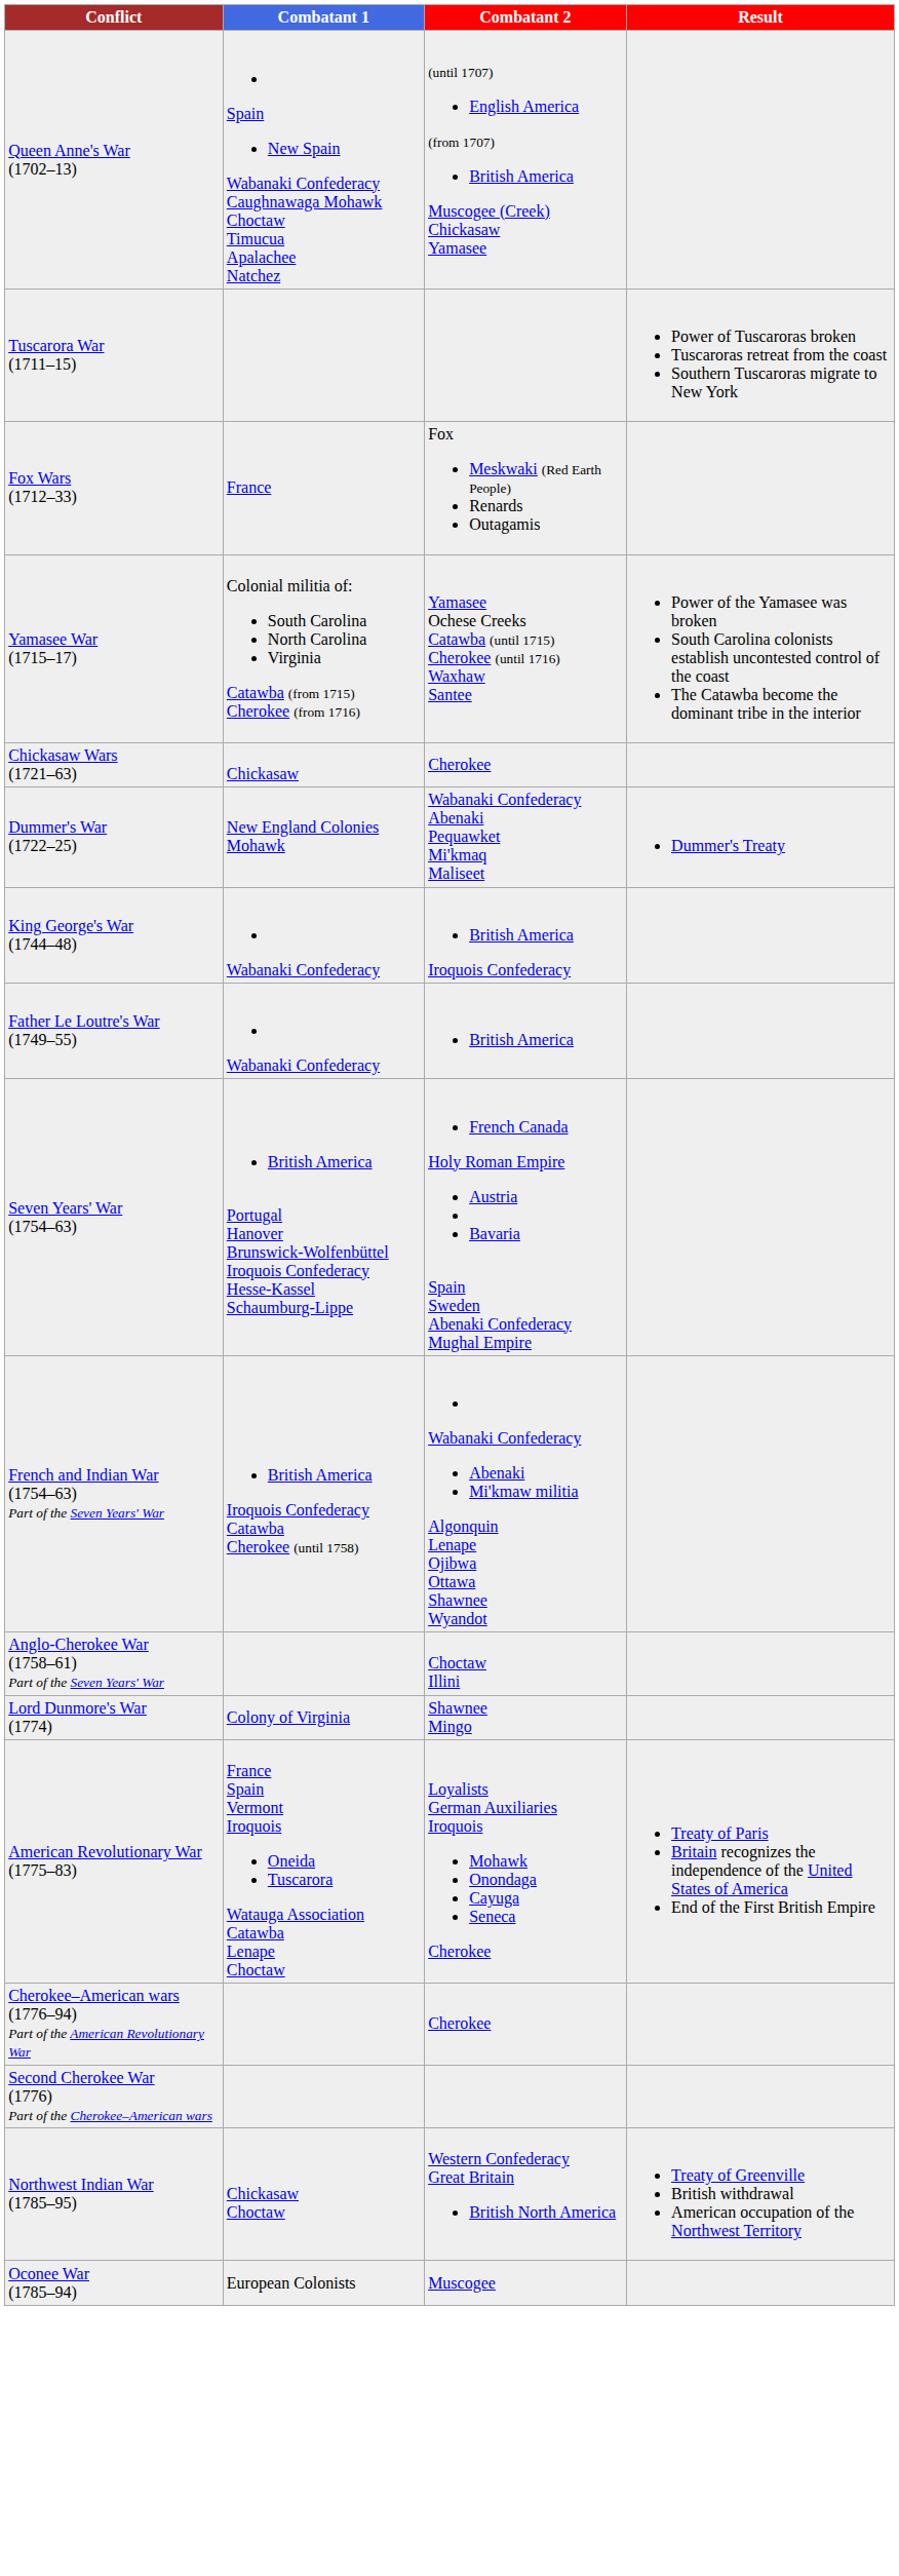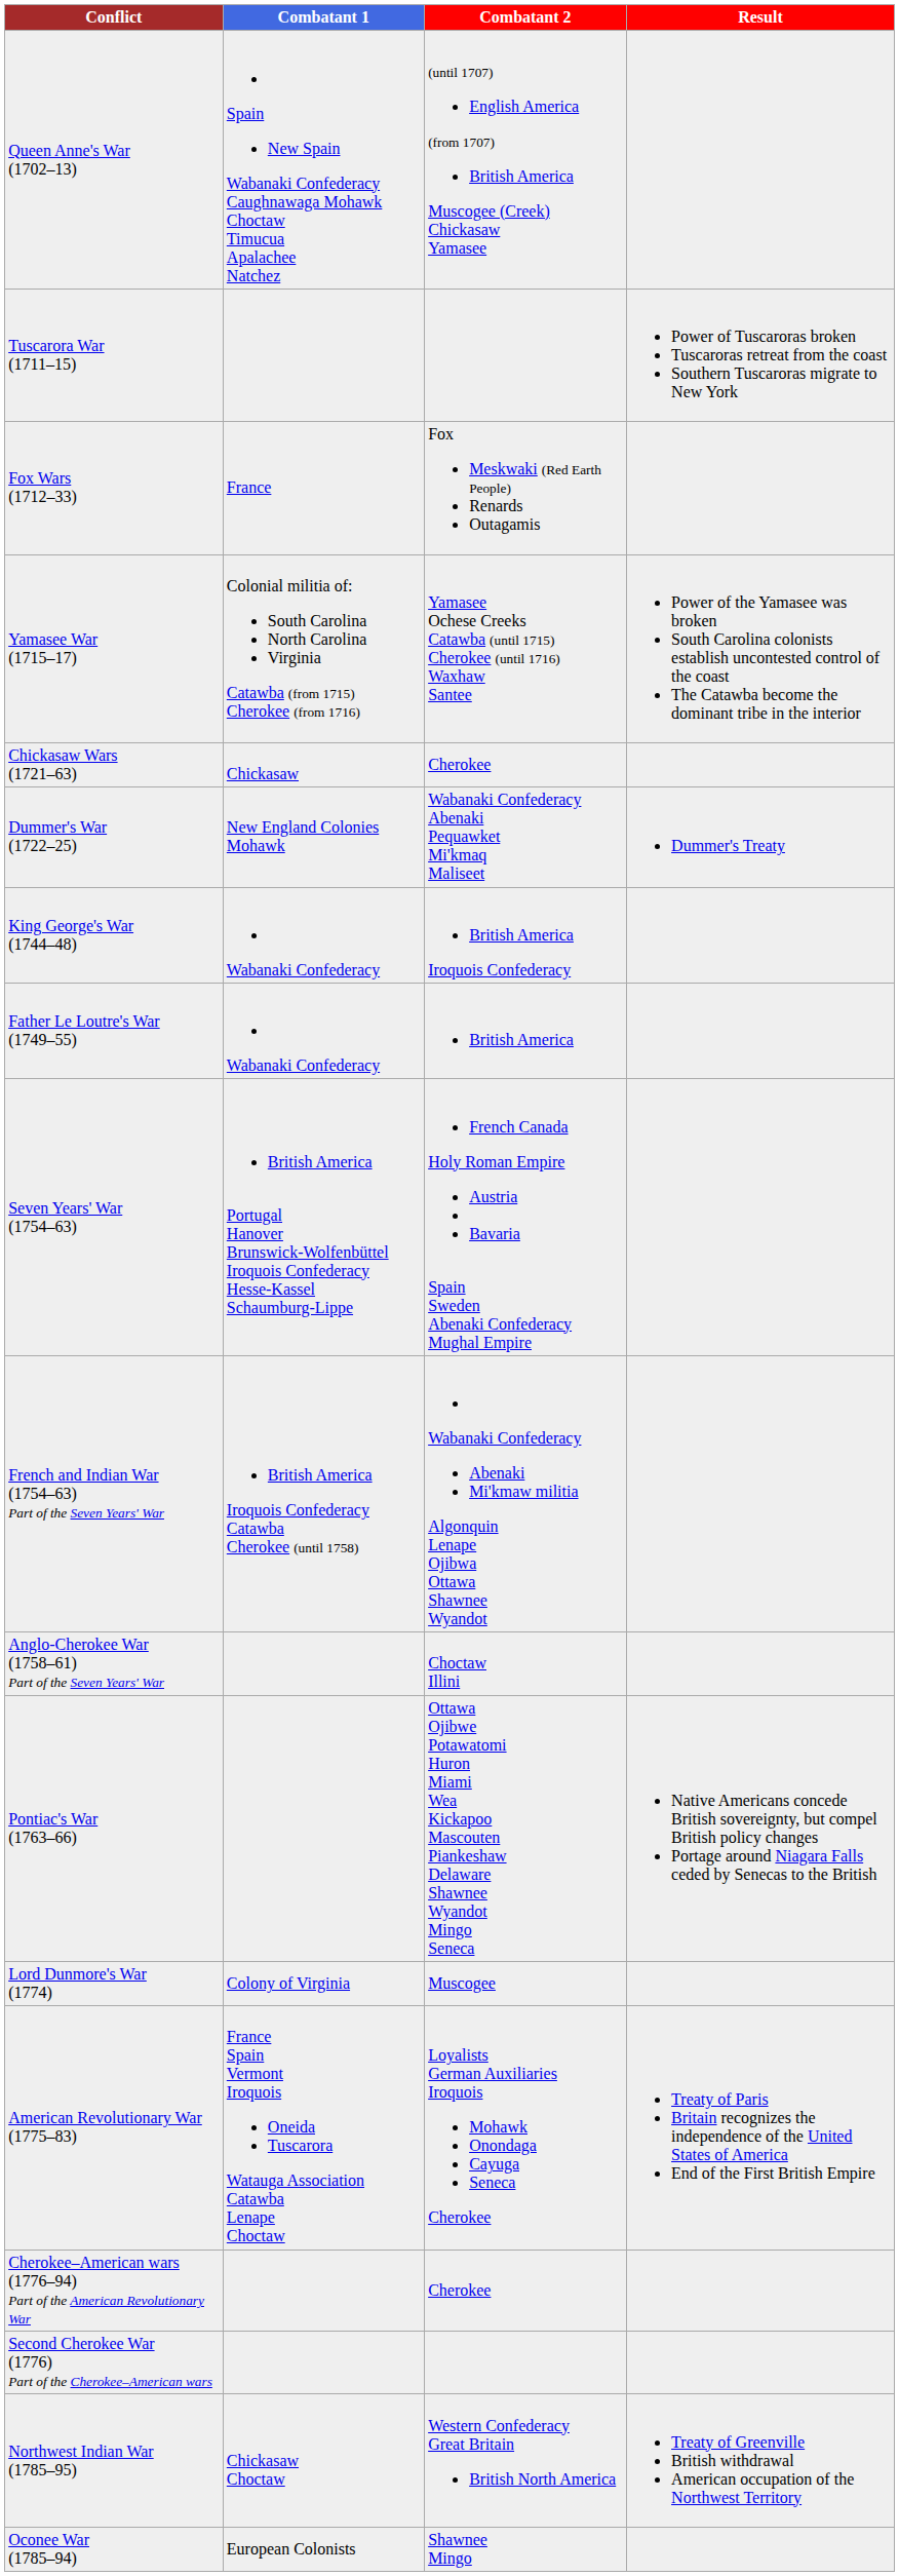 <table class="wikitable">
 <tr style="color: white">
 <th style="background:brown" width="220">Conflict</th>
 <th style="background:royalblue" width="200">Combatant 1</th>
 <th style="background:#FF0000" width="200">Combatant 2</th>
 <th style="background:#FF0000" width="270">Result</th>
 </tr>
 <tr>
 <td style="background:#efefef"><a href='#'>Queen Anne's War</a><br>(1702–13)</td>
 <td style="background:#efefef"><br><ul><li></li></ul> <a href='#'>Spain</a><ul><li> <a href='#'>New Spain</a></li></ul><a href='#'>Wabanaki Confederacy</a><br><a href='#'>Caughnawaga Mohawk</a><br><a href='#'>Choctaw</a><br><a href='#'>Timucua</a><br><a href='#'>Apalachee</a><br><a href='#'>Natchez</a></td>
 <td style="background:#efefef"> <small>(until 1707)</small><br><ul><li> <a href='#'>English America</a></li></ul> <small>(from 1707)</small><ul><li> <a href='#'>British America</a></li></ul><a href='#'>Muscogee (Creek)</a><br><a href='#'>Chickasaw</a><br><a href='#'>Yamasee</a></td>
 <td style="background:#efefef"></td>
 </tr>
 <tr>
 <td style="background:#efefef"><a href='#'>Tuscarora War</a><br>(1711–15)</td>
 <td style="background:#efefef"></td>
 <td style="background:#efefef"></td>
 <td style="background:#efefef"><br><ul><li>Power of Tuscaroras broken</li><li>Tuscaroras retreat from the coast</li><li>Southern Tuscaroras migrate to New York</li></ul></td>
 </tr>
 <tr>
 <td style="background:#efefef"><a href='#'>Fox Wars</a><br>(1712–33)</td>
 <td style="background:#efefef"> <a href='#'>France</a></td>
 <td style="background:#efefef">Fox<br><ul><li><a href='#'>Meskwaki</a> <small>(Red Earth People)</small></li><li>Renards</li><li>Outagamis</li></ul></td>
 <td style="background:#efefef"></td>
 </tr>
 <tr>
 <td style="background:#efefef"><a href='#'>Yamasee War</a><br>(1715–17)</td>
 <td style="background:#efefef">Colonial militia of:<br><ul><li>South Carolina</li><li>North Carolina</li><li>Virginia</li></ul><a href='#'>Catawba</a> <small>(from 1715)</small><br><a href='#'>Cherokee</a> <small>(from 1716)</small></td>
 <td style="background:#efefef"><a href='#'>Yamasee</a><br>Ochese Creeks<br><a href='#'>Catawba</a> <small>(until 1715)</small><br><a href='#'>Cherokee</a> <small>(until 1716)</small><br><a href='#'>Waxhaw</a><br><a href='#'>Santee</a></td>
 <td style="background:#efefef"><br><ul><li>Power of the Yamasee was broken</li><li>South Carolina colonists establish uncontested control of the coast</li><li>The Catawba become the dominant tribe in the interior</li></ul></td>
 </tr>
 <tr>
 <td style="background:#efefef"><a href='#'>Chickasaw Wars</a><br>(1721–63)</td>
 <td style="background:#efefef"><br><a href='#'>Chickasaw</a></td>
 <td style="background:#efefef"><a href='#'>Cherokee</a></td>
 <td style="background:#efefef"></td>
 </tr>
 <tr>
 <td style="background:#efefef"><a href='#'>Dummer's War</a><br>(1722–25)</td>
 <td style="background:#efefef"> <a href='#'>New England Colonies</a><br><a href='#'>Mohawk</a></td>
 <td style="background:#efefef"><a href='#'>Wabanaki Confederacy</a><br><a href='#'>Abenaki</a><br><a href='#'>Pequawket</a><br><a href='#'>Mi'kmaq</a><br><a href='#'>Maliseet</a></td>
 <td style="background:#efefef"><br><ul><li><a href='#'>Dummer's Treaty</a></li></ul></td>
 </tr>
 <tr>
 <td style="background:#efefef"><a href='#'>King George's War</a><br>(1744–48)</td>
 <td style="background:#efefef"><br><ul><li></li></ul><a href='#'>Wabanaki Confederacy</a></td>
 <td style="background:#efefef"><br><ul><li> <a href='#'>British America</a></li></ul> <a href='#'>Iroquois Confederacy</a></td>
 <td style="background:#efefef"></td>
 </tr>
 <tr>
 <td style="background:#efefef"><a href='#'>Father Le Loutre's War</a><br>(1749–55)</td>
 <td style="background:#efefef"><br><ul><li></li></ul><a href='#'>Wabanaki Confederacy</a></td>
 <td style="background:#efefef"><br><ul><li> <a href='#'>British America</a></li></ul></td>
 <td style="background:#efefef"></td>
 </tr>
 <tr>
 <td style="background:#efefef"><a href='#'>Seven Years' War</a><br>(1754–63)</td>
 <td style="background:#efefef"><br><ul><li> <a href='#'>British America</a></li></ul><br>  <a href='#'>Portugal</a> <br>  <a href='#'>Hanover</a><br>  <a href='#'>Brunswick-Wolfenbüttel</a> <br><a href='#'>Iroquois Confederacy</a><br> <a href='#'>Hesse-Kassel</a><br> <a href='#'>Schaumburg-Lippe</a></td>
 <td style="background:#efefef"><br><ul><li> <a href='#'>French Canada</a></li></ul> <a href='#'>Holy Roman Empire</a><ul><li> <a href='#'>Austria</a></li><li></li><li> <a href='#'>Bavaria</a></li></ul> <br> <a href='#'>Spain</a> <br> <a href='#'>Sweden</a> <br><a href='#'>Abenaki Confederacy</a><br> <a href='#'>Mughal Empire</a> </td>
 <td style="background:#efefef"></td>
 </tr>
 <tr>
 <td style="background:#efefef"><a href='#'>French and Indian War</a><br>(1754–63)<br><small><em>Part of the <a href='#'>Seven Years' War</a></em></small></td>
 <td style="background:#efefef"><br><ul><li> <a href='#'>British America</a></li></ul> <a href='#'>Iroquois Confederacy</a><br> <a href='#'>Catawba</a><br><a href='#'>Cherokee</a> <small>(until 1758)</small></td>
 <td style="background:#efefef"><br><ul><li></li></ul><a href='#'>Wabanaki Confederacy</a><ul><li><a href='#'>Abenaki</a></li><li><a href='#'>Mi'kmaw militia</a></li></ul><a href='#'>Algonquin</a><br><a href='#'>Lenape</a><br><a href='#'>Ojibwa</a><br><a href='#'>Ottawa</a><br><a href='#'>Shawnee</a><br><a href='#'>Wyandot</a></td>
 <td style="background:#efefef"></td>
 </tr>
 <tr>
 <td style="background:#efefef"><a href='#'>Anglo-Cherokee War</a><br>(1758–61)<br><small><em>Part of the <a href='#'>Seven Years' War</a></em></small></td>
 <td style="background:#efefef"></td>
 <td style="background:#efefef"><br><a href='#'>Choctaw</a><br><a href='#'>Illini</a></td>
 <td style="background:#efefef"></td>
 </tr>
 <tr>
+<td style="background:#efefef"><a href='#'>Pontiac's War</a><br>(1763–66)</td>
+<td style="background:#efefef"></td>
+<td style="background:#efefef"><a href='#'>Ottawa</a><br><a href='#'>Ojibwe</a><br> <a href='#'>Potawatomi</a><br><a href='#'>Huron</a><br><a href='#'>Miami</a><br><a href='#'>Wea</a><br><a href='#'>Kickapoo</a><br><a href='#'>Mascouten</a><br><a href='#'>Piankeshaw</a><br> <a href='#'>Delaware</a><br><a href='#'>Shawnee</a><br><a href='#'>Wyandot</a><br><a href='#'>Mingo</a><br><a href='#'>Seneca</a></td>
+<td style="background:#efefef"><br><ul><li>Native Americans concede British sovereignty, but compel British policy changes</li><li>Portage around <a href='#'>Niagara Falls</a> ceded by Senecas to the British</li></ul></td>
+</tr>
+<tr>
 <td style="background:#efefef"><a href='#'>Lord Dunmore's War</a><br>(1774)</td>
 <td style="background:#efefef"> <a href='#'>Colony of Virginia</a></td>
-<td style="background:#efefef"><a href='#'>Shawnee</a><br><a href='#'>Mingo</a></td>
+<td style="background:#efefef"><a href='#'>Muscogee</a></td>
 <td style="background:#efefef"></td>
 </tr>
 <tr>
 <td style="background:#efefef"><a href='#'>American Revolutionary War</a><br>(1775–83)</td>
 <td style="background:#efefef"><br> <a href='#'>France</a><br> <a href='#'>Spain</a><br> <a href='#'>Vermont</a><br> <a href='#'>Iroquois</a><ul><li><a href='#'>Oneida</a></li><li><a href='#'>Tuscarora</a></li></ul><a href='#'>Watauga Association</a><br><a href='#'>Catawba</a><br><a href='#'>Lenape</a><br> <a href='#'>Choctaw</a></td>
 <td style="background:#efefef"><br> <a href='#'>Loyalists</a><br> <a href='#'>German Auxiliaries</a><br> <a href='#'>Iroquois</a><ul><li><a href='#'>Mohawk</a></li><li><a href='#'>Onondaga</a></li><li><a href='#'>Cayuga</a></li><li><a href='#'>Seneca</a></li></ul> <a href='#'>Cherokee</a></td>
 <td style="background:#efefef"><br><ul><li><a href='#'>Treaty of Paris</a></li><li><a href='#'>Britain</a> recognizes the independence of the <a href='#'>United States of America</a></li><li>End of the First British Empire</li></ul></td>
 </tr>
 <tr>
 <td style="background:#efefef"><a href='#'>Cherokee–American wars</a><br>(1776–94)<br><small><em>Part of the <a href='#'>American Revolutionary War</a></em></small></td>
 <td style="background:#efefef"></td>
 <td style="background:#efefef"> <a href='#'>Cherokee</a></td>
 <td style="background:#efefef"></td>
 </tr>
 <tr>
 <td style="background:#efefef"><a href='#'>Second Cherokee War</a><br>(1776)<br><small><em>Part of the <a href='#'>Cherokee–American wars</a></em></small></td>
 <td style="background:#efefef"></td>
 <td style="background:#efefef"></td>
 <td style="background:#efefef"></td>
 </tr>
 <tr>
 <td style="background:#efefef"><a href='#'>Northwest Indian War</a><br>(1785–95)</td>
 <td style="background:#efefef"><br> <a href='#'>Chickasaw</a><br> <a href='#'>Choctaw</a></td>
 <td style="background:#efefef"><a href='#'>Western Confederacy</a><br> <a href='#'>Great Britain</a><br><ul><li> <a href='#'>British North America</a></li></ul></td>
 <td style="background:#efefef"><br><ul><li><a href='#'>Treaty of Greenville</a></li><li>British withdrawal</li><li>American occupation of the <a href='#'>Northwest Territory</a></li></ul></td>
 </tr>
 <tr>
 <td style="background:#efefef"><a href='#'>Oconee War</a><br>(1785–94)</td>
 <td style="background:#efefef">European Colonists</td>
-<td style="background:#efefef"><a href='#'>Muscogee</a></td>
+<td style="background:#efefef"><a href='#'>Shawnee</a><br><a href='#'>Mingo</a></td>
 <td style="background:#efefef"></td>
 </tr>
 <tr>
 </tr>
 </table>
